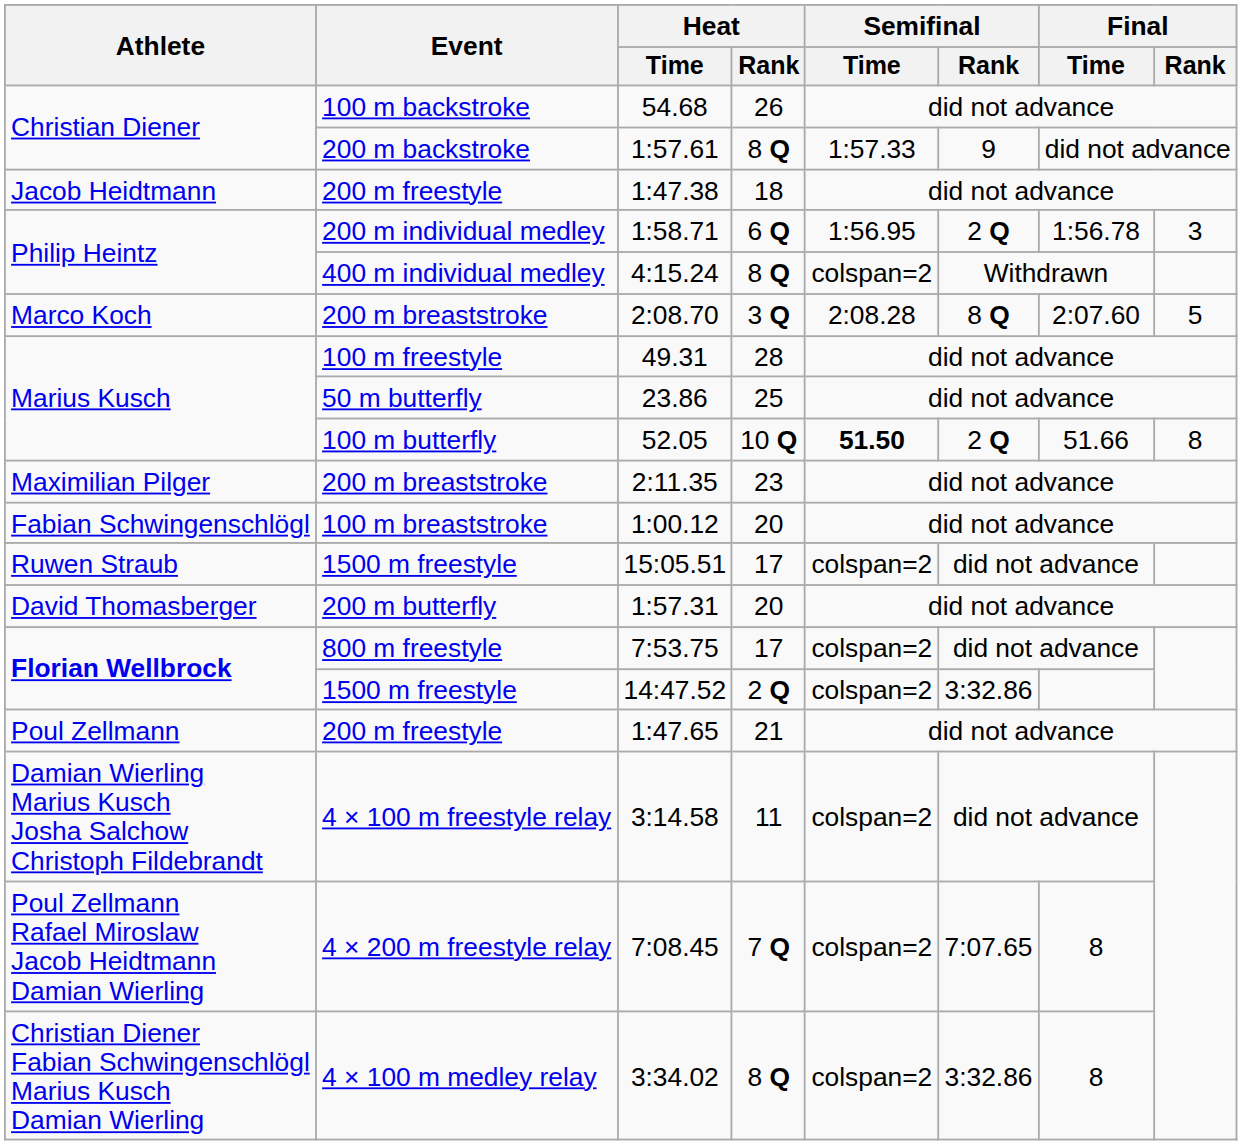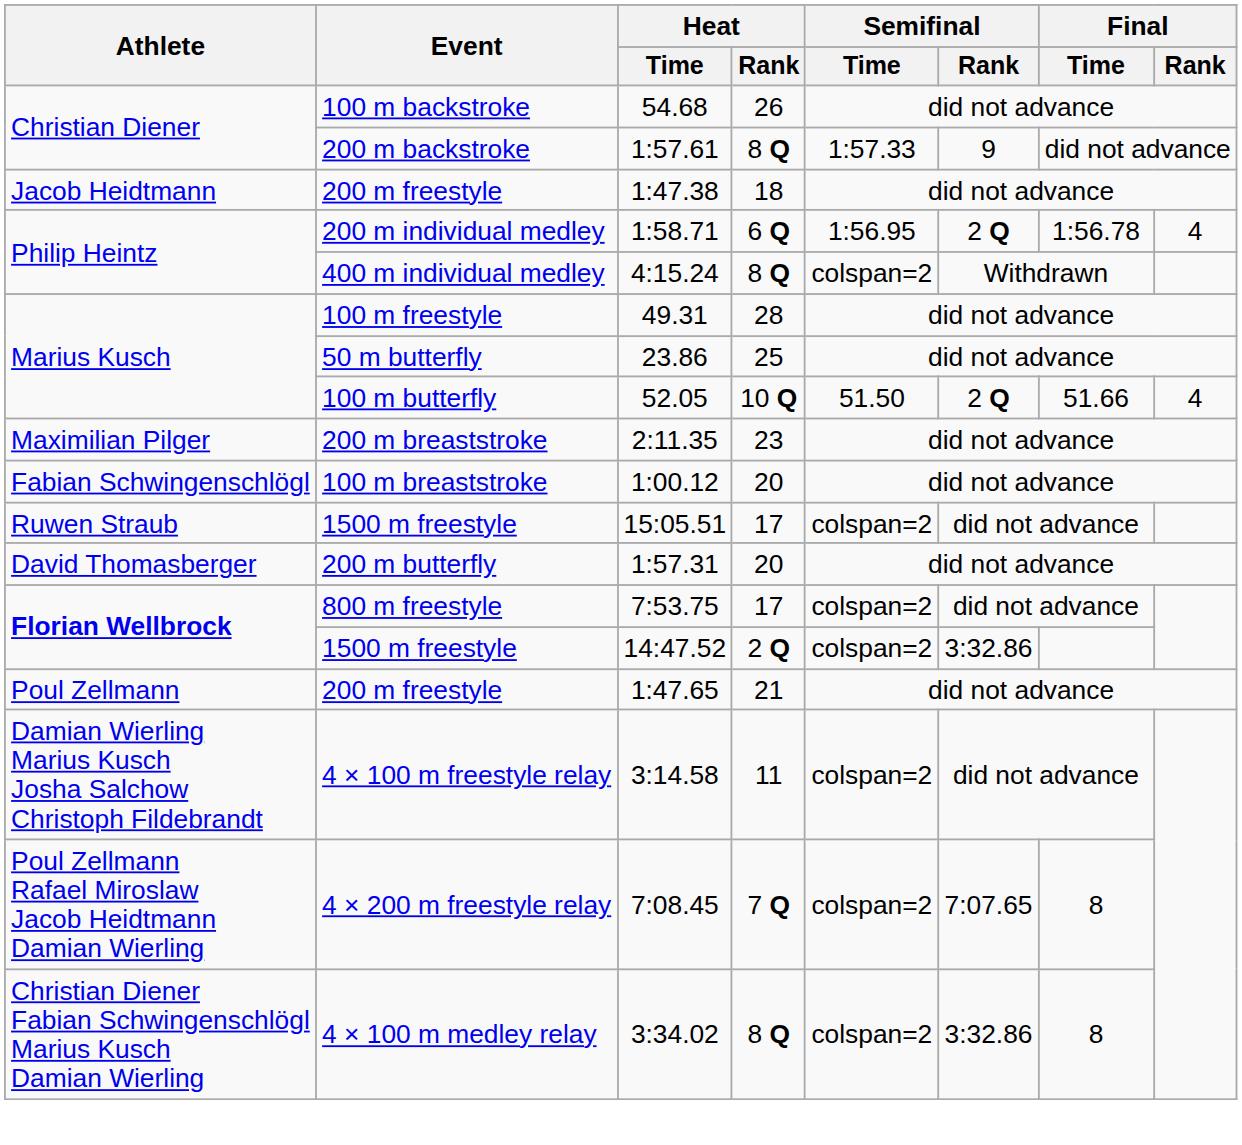 <table class=wikitable style="font-size:90%">
 <tr>
 <th rowspan="2">Athlete</th>
 <th rowspan="2">Event</th>
 <th colspan="2">Heat</th>
 <th colspan="2">Semifinal</th>
 <th colspan="2">Final</th>
 </tr>
 <tr style="font-size:95%">
 <th>Time</th>
 <th>Rank</th>
 <th>Time</th>
 <th>Rank</th>
 <th>Time</th>
 <th>Rank</th>
 </tr>
 <tr align=center>
 <td align=left rowspan=2><a href='#'>Christian Diener</a></td>
 <td align=left><a href='#'>100 m backstroke</a></td>
 <td>54.68</td>
 <td>26</td>
 <td colspan=4>did not advance</td>
 </tr>
 <tr align=center>
 <td align=left><a href='#'>200 m backstroke</a></td>
 <td>1:57.61</td>
 <td>8 <strong>Q</strong></td>
 <td>1:57.33</td>
 <td>9</td>
 <td colspan=2>did not advance</td>
 </tr>
 <tr align=center>
 <td align=left><a href='#'>Jacob Heidtmann</a></td>
 <td align=left><a href='#'>200 m freestyle</a></td>
 <td>1:47.38</td>
 <td>18</td>
 <td colspan=4>did not advance</td>
 </tr>
 <tr align=center>
 <td align=left rowspan=2><a href='#'>Philip Heintz</a></td>
 <td align=left><a href='#'>200 m individual medley</a></td>
 <td>1:58.71</td>
 <td>6 <strong>Q</strong></td>
 <td>1:56.95</td>
 <td>2 <strong>Q</strong></td>
 <td>1:56.78</td>
-<td>3</td>
+<td>4</td>
 </tr>
 <tr align=center>
 <td align=left><a href='#'>400 m individual medley</a></td>
 <td>4:15.24</td>
 <td>8 <strong>Q</strong></td>
 <td>colspan=2 </td>
 <td colspan=2>Withdrawn</td>
-</tr>
-<tr align=center>
-<td align=left><a href='#'>Marco Koch</a></td>
-<td align=left><a href='#'>200 m breaststroke</a></td>
-<td>2:08.70</td>
-<td>3 <strong>Q</strong></td>
-<td>2:08.28</td>
-<td>8 <strong>Q</strong></td>
-<td>2:07.60</td>
-<td>5</td>
 </tr>
 <tr align=center>
 <td align=left rowspan=3><a href='#'>Marius Kusch</a></td>
 <td align=left><a href='#'>100 m freestyle</a></td>
 <td>49.31</td>
 <td>28</td>
 <td colspan=4>did not advance</td>
 </tr>
 <tr align=center>
 <td align=left><a href='#'>50 m butterfly</a></td>
 <td>23.86</td>
 <td>25</td>
 <td colspan=4>did not advance</td>
 </tr>
 <tr align=center>
 <td align=left><a href='#'>100 m butterfly</a></td>
 <td>52.05</td>
 <td>10 <strong>Q</strong></td>
-<td><strong>51.50</strong></td>
+<td>51.50</td>
 <td>2 <strong>Q</strong></td>
 <td>51.66</td>
-<td>8</td>
+<td>4</td>
 </tr>
 <tr align=center>
 <td align=left><a href='#'>Maximilian Pilger</a></td>
 <td align=left><a href='#'>200 m breaststroke</a></td>
 <td>2:11.35</td>
 <td>23</td>
 <td colspan=4>did not advance</td>
 </tr>
 <tr align=center>
 <td align=left><a href='#'>Fabian Schwingenschlögl</a></td>
 <td align=left><a href='#'>100 m breaststroke</a></td>
 <td>1:00.12</td>
 <td>20</td>
 <td colspan=4>did not advance</td>
 </tr>
 <tr align=center>
 <td align=left><a href='#'>Ruwen Straub</a></td>
 <td align=left><a href='#'>1500 m freestyle</a></td>
 <td>15:05.51</td>
 <td>17</td>
 <td>colspan=2 </td>
 <td colspan=2>did not advance</td>
 </tr>
 <tr align=center>
 <td align=left><a href='#'>David Thomasberger</a></td>
 <td align=left><a href='#'>200 m butterfly</a></td>
 <td>1:57.31</td>
 <td>20</td>
 <td colspan=4>did not advance</td>
 </tr>
 <tr align=center>
 <td align=left rowspan=2><strong><a href='#'>Florian Wellbrock</a></strong></td>
 <td align=left><a href='#'>800 m freestyle</a></td>
 <td>7:53.75</td>
 <td>17</td>
 <td>colspan=2 </td>
 <td colspan=2>did not advance</td>
 </tr>
 <tr align=center>
 <td align=left><a href='#'>1500 m freestyle</a></td>
 <td>14:47.52</td>
 <td>2 <strong>Q</strong></td>
 <td>colspan=2 </td>
 <td>3:32.86</td>
 <td></td>
 </tr>
 <tr align=center>
 <td align=left><a href='#'>Poul Zellmann</a></td>
 <td align=left><a href='#'>200 m freestyle</a></td>
 <td>1:47.65</td>
 <td>21</td>
 <td colspan=4>did not advance</td>
 </tr>
 <tr align=center>
 <td align=left><a href='#'>Damian Wierling</a><br><a href='#'>Marius Kusch</a><br><a href='#'>Josha Salchow</a><br><a href='#'>Christoph Fildebrandt</a></td>
 <td align=left><a href='#'>4 × 100 m freestyle relay</a></td>
 <td>3:14.58</td>
 <td>11</td>
 <td>colspan=2 </td>
 <td colspan=2>did not advance</td>
 </tr>
 <tr align=center>
 <td align=left><a href='#'>Poul Zellmann</a><br><a href='#'>Rafael Miroslaw</a><br><a href='#'>Jacob Heidtmann</a><br><a href='#'>Damian Wierling</a></td>
 <td align=left><a href='#'>4 × 200 m freestyle relay</a></td>
 <td>7:08.45</td>
 <td>7 <strong>Q</strong></td>
 <td>colspan=2 </td>
 <td>7:07.65</td>
 <td>8</td>
 </tr>
 <tr align=center>
 <td align=left><a href='#'>Christian Diener</a><br><a href='#'>Fabian Schwingenschlögl</a><br><a href='#'>Marius Kusch</a><br><a href='#'>Damian Wierling</a></td>
 <td align=left><a href='#'>4 × 100 m medley relay</a></td>
 <td>3:34.02</td>
 <td>8 <strong>Q</strong></td>
 <td>colspan=2 </td>
 <td>3:32.86</td>
 <td>8</td>
 </tr>
 </table>
